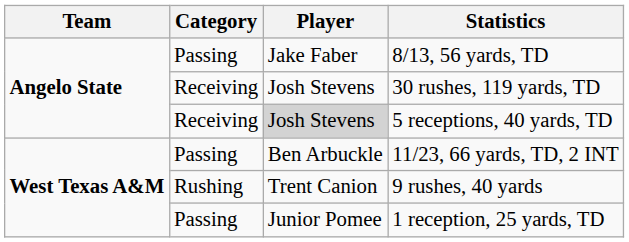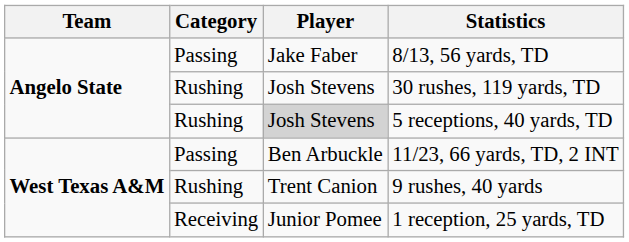 <table class="wikitable" style="float: left;">
 <tr>
 <th>Team</th>
 <th>Category</th>
 <th>Player</th>
 <th>Statistics</th>
 </tr>
 <tr>
 <td rowspan=3><strong>Angelo State</strong></td>
 <td>Passing</td>
 <td>Jake Faber</td>
 <td>8/13, 56 yards, TD</td>
 </tr>
 <tr>
-<td>Receiving</td>
+<td>Rushing</td>
 <td>Josh Stevens</td>
 <td>30 rushes, 119 yards, TD</td>
 </tr>
 <tr>
-<td>Receiving</td>
+<td>Rushing</td>
 <td style="background: lightgrey;">Josh Stevens</td>
 <td>5 receptions, 40 yards, TD</td>
 </tr>
 <tr>
 <td rowspan=3><strong>West Texas A&M</strong></td>
 <td>Passing</td>
 <td>Ben Arbuckle</td>
 <td>11/23, 66 yards, TD, 2 INT</td>
 </tr>
 <tr>
 <td>Rushing</td>
 <td>Trent Canion</td>
 <td>9 rushes, 40 yards</td>
 </tr>
 <tr>
-<td>Passing</td>
+<td>Receiving</td>
 <td>Junior Pomee</td>
 <td>1 reception, 25 yards, TD</td>
 </tr>
 </table>
